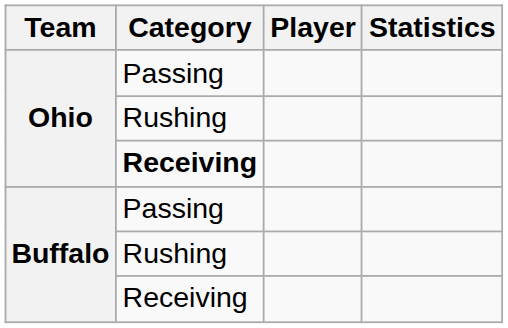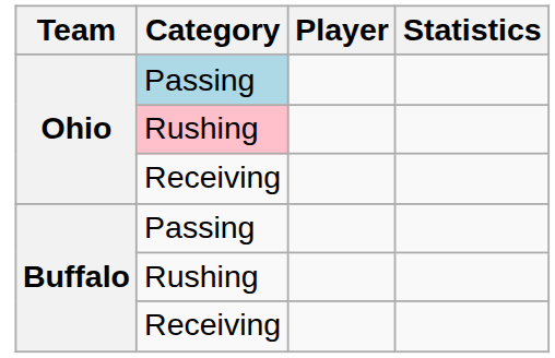 <table class="wikitable" style="float:right">
 <tr>
 <th>Team</th>
 <th>Category</th>
 <th>Player</th>
 <th>Statistics</th>
 </tr>
 <tr>
 <th rowspan=3>Ohio</th>
-<td>Passing</td>
+<td style="background: lightblue;">Passing</td>
 <td></td>
 <td></td>
 </tr>
 <tr>
-<td>Rushing</td>
+<td style="background: pink;">Rushing</td>
 <td></td>
 <td></td>
 </tr>
 <tr>
-<td><strong>Receiving</strong></td>
+<td>Receiving</td>
 <td></td>
 <td></td>
 </tr>
 <tr>
 <th rowspan=3>Buffalo</th>
 <td>Passing</td>
 <td></td>
 <td></td>
 </tr>
 <tr>
 <td>Rushing</td>
 <td></td>
 <td></td>
 </tr>
 <tr>
 <td>Receiving</td>
 <td></td>
 <td></td>
 </tr>
 </table>
